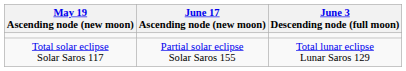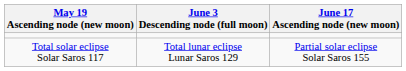 <table class="wikitable">
 <tr>
 <th><a href='#'>May 19</a><br>Ascending node (new moon)</th>
+<th><a href='#'>June 3</a><br>Descending node (full moon)</th>
 <th><a href='#'>June 17</a><br>Ascending node (new moon)</th>
-<th><a href='#'>June 3</a><br>Descending node (full moon)</th>
 </tr>
 <tr>
 <td></td>
 <td></td>
 <td></td>
 </tr>
 <tr align=center>
 <td><a href='#'>Total solar eclipse</a><br>Solar Saros 117</td>
+<td><a href='#'>Total lunar eclipse</a><br>Lunar Saros 129</td>
 <td><a href='#'>Partial solar eclipse</a><br>Solar Saros 155</td>
-<td><a href='#'>Total lunar eclipse</a><br>Lunar Saros 129</td>
 </tr>
 </table>
